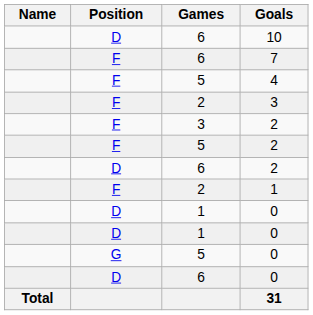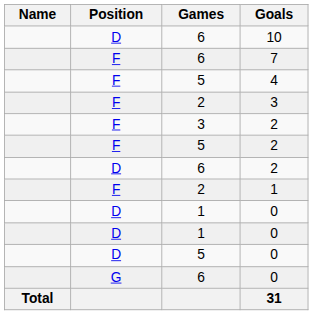 <table class="wikitable sortable" width ="40%">
 <tr align="center">
 <th><strong>Name</strong></th>
 <th><strong>Position</strong></th>
 <th><strong>Games</strong></th>
 <th><strong>Goals</strong></th>
 </tr>
 <tr align="center" bgcolor="">
 <td></td>
 <td><a href='#'>D</a></td>
 <td>6</td>
 <td>10</td>
 </tr>
 <tr align="center" bgcolor="f0f0f0">
 <td></td>
 <td><a href='#'>F</a></td>
 <td>6</td>
 <td>7</td>
 </tr>
 <tr align="center" bgcolor="">
 <td></td>
 <td><a href='#'>F</a></td>
 <td>5</td>
 <td>4</td>
 </tr>
 <tr align="center" bgcolor="f0f0f0">
 <td></td>
 <td><a href='#'>F</a></td>
 <td>2</td>
 <td>3</td>
 </tr>
 <tr align="center" bgcolor="">
 <td></td>
 <td><a href='#'>F</a></td>
 <td>3</td>
 <td>2</td>
 </tr>
 <tr align="center" bgcolor="f0f0f0">
 <td></td>
 <td><a href='#'>F</a></td>
 <td>5</td>
 <td>2</td>
 </tr>
 <tr align="center" bgcolor="">
 <td></td>
 <td><a href='#'>D</a></td>
 <td>6</td>
 <td>2</td>
 </tr>
 <tr align="center" bgcolor="f0f0f0">
 <td></td>
 <td><a href='#'>F</a></td>
 <td>2</td>
 <td>1</td>
 </tr>
 <tr align="center" bgcolor="">
 <td></td>
 <td><a href='#'>D</a></td>
 <td>1</td>
 <td>0</td>
 </tr>
 <tr align="center" bgcolor="f0f0f0">
 <td></td>
 <td><a href='#'>D</a></td>
 <td>1</td>
 <td>0</td>
 </tr>
 <tr align="center" bgcolor="">
 <td></td>
-<td><a href='#'>G</a></td>
+<td><a href='#'>D</a></td>
 <td>5</td>
 <td>0</td>
 </tr>
 <tr align="center" bgcolor="f0f0f0">
 <td></td>
-<td><a href='#'>D</a></td>
+<td><a href='#'>G</a></td>
 <td>6</td>
 <td>0</td>
 </tr>
 <tr>
 <th>Total</th>
 <th></th>
 <th></th>
 <th>31</th>
 </tr>
 </table>
